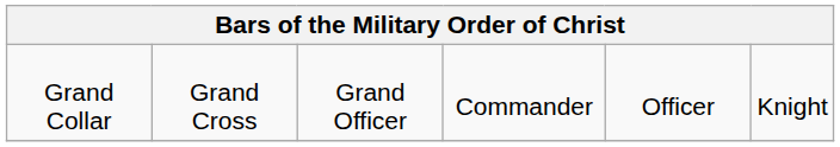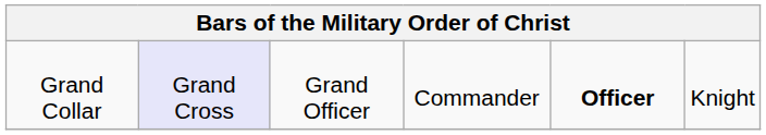 <table class=wikitable width=60% style="margin:auto;">
 <tr>
 <th colspan=6>Bars of the Military Order of Christ</th>
 </tr>
 <tr>
 <td width=20% valign=center align=center><br>Grand Collar</td>
-<td width=20% valign=center align=center><br>Grand Cross</td>
+<td width=20% valign=center align=center style="background: lavender;"><br>Grand Cross</td>
 <td width=20% valign=center align=center><br>Grand Officer</td>
 <td width=20% valign=center align=center><br>Commander</td>
-<td width=20% valign=center align=center><br>Officer</td>
+<td width=20% valign=center align=center><strong><br>Officer</strong></td>
 <td width=20% valign=center align=center><br>Knight</td>
 </tr>
 <tr>
 </tr>
 </table>
